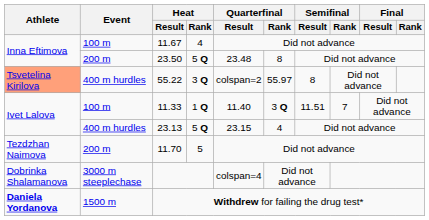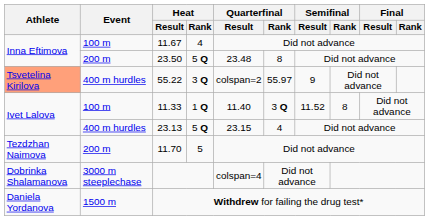 <table class=wikitable style="font-size:90%">
 <tr>
 <th rowspan="2">Athlete</th>
 <th rowspan="2">Event</th>
 <th colspan="2">Heat</th>
 <th colspan="2">Quarterfinal</th>
 <th colspan="2">Semifinal</th>
 <th colspan="2">Final</th>
 </tr>
 <tr style="font-size:95%">
 <th>Result</th>
 <th>Rank</th>
 <th>Result</th>
 <th>Rank</th>
 <th>Result</th>
 <th>Rank</th>
 <th>Result</th>
 <th>Rank</th>
 </tr>
 <tr align=center>
 <td align=left rowspan=2><a href='#'>Inna Eftimova</a></td>
 <td align=left><a href='#'>100 m</a></td>
 <td>11.67</td>
 <td>4</td>
 <td colspan=6>Did not advance</td>
 </tr>
 <tr align=center>
 <td align=left><a href='#'>200 m</a></td>
 <td>23.50</td>
 <td>5 <strong>Q</strong></td>
 <td>23.48</td>
 <td>8</td>
 <td colspan=4>Did not advance</td>
 </tr>
 <tr align=center>
 <td align=left style="background: lightsalmon;"><a href='#'>Tsvetelina Kirilova</a></td>
 <td align=left><a href='#'>400 m hurdles</a></td>
 <td>55.22</td>
 <td>3 <strong>Q</strong></td>
 <td>colspan=2 </td>
 <td>55.97</td>
-<td>8</td>
+<td>9</td>
 <td colspan=2>Did not advance</td>
 </tr>
 <tr align=center>
 <td align=left rowspan=2><a href='#'>Ivet Lalova</a></td>
 <td align=left><a href='#'>100 m</a></td>
 <td>11.33</td>
 <td>1 <strong>Q</strong></td>
 <td>11.40</td>
 <td>3 <strong>Q</strong></td>
-<td>11.51</td>
-<td>7</td>
+<td>11.52</td>
+<td>8</td>
 <td colspan=2>Did not advance</td>
 </tr>
 <tr align=center>
 <td align=left><a href='#'>400 m hurdles</a></td>
 <td>23.13</td>
 <td>5 <strong>Q</strong></td>
 <td>23.15</td>
 <td>4</td>
 <td colspan=4>Did not advance</td>
 </tr>
 <tr align=center>
 <td align=left><a href='#'>Tezdzhan Naimova</a></td>
 <td align=left><a href='#'>200 m</a></td>
 <td>11.70</td>
 <td>5</td>
 <td colspan=6>Did not advance</td>
 </tr>
 <tr align=center>
 <td align=left><a href='#'>Dobrinka Shalamanova</a></td>
 <td align=left><a href='#'>3000 m steeplechase</a></td>
 <td colspan=2></td>
 <td>colspan=4 </td>
 <td colspan=2>Did not advance</td>
 </tr>
 <tr align=center>
-<td align=left><strong><a href='#'>Daniela Yordanova</a></strong></td>
+<td align=left><a href='#'>Daniela Yordanova</a></td>
 <td align=left><a href='#'>1500 m</a></td>
 <td colspan=8><strong>Withdrew</strong> for failing the drug test*</td>
 </tr>
 </table>
